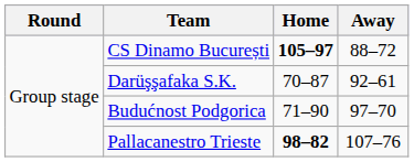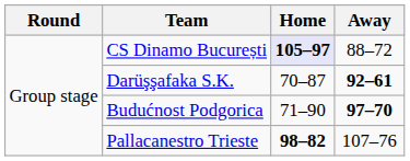 <table class="wikitable" style="text-align: left; font-size:95%">
 <tr bgcolor="#ccccff">
 <th>Round</th>
 <th>Team</th>
 <th>Home</th>
 <th>  Away  </th>
 </tr>
 <tr>
 <td rowspan=4>Group stage</td>
 <td> <a href='#'>CS Dinamo București</a></td>
-<td style="text-align:center;"><strong>105–97</strong></td>
+<td style="background: lavender; text-align:center;"><strong>105–97</strong></td>
 <td style="text-align:center;">88–72</td>
 </tr>
 <tr>
 <td> <a href='#'>Darüşşafaka S.K.</a></td>
 <td style="text-align:center;">70–87</td>
-<td style="text-align:center;">92–61</td>
+<td style="text-align:center;"><strong>92–61</strong></td>
 </tr>
 <tr>
 <td> <a href='#'>Budućnost Podgorica</a></td>
 <td style="text-align:center;">71–90</td>
-<td style="text-align:center;">97–70</td>
+<td style="text-align:center;"><strong>97–70</strong></td>
 </tr>
 <tr>
 <td> <a href='#'>Pallacanestro Trieste</a></td>
 <td style="text-align:center;"><strong>98–82</strong></td>
 <td style="text-align:center;">107–76</td>
 </tr>
 </table>
